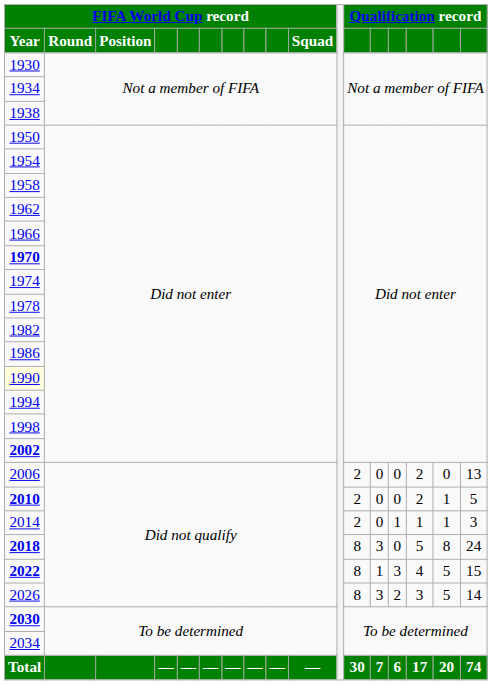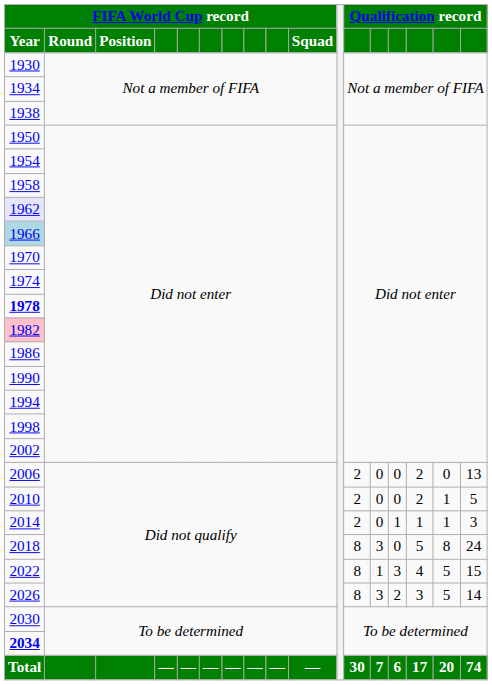 <table class="wikitable" style="text-align:center">
 <tr>
 <th colspan="10" style="background:green; color:#FFF; "><a href='#'><span>FIFA World Cup</span></a> record</th>
 <th rowspan="28"></th>
 <th colspan="6" style="background:green; color:#FFF; "><a href='#'><span>Qualification</span></a> record</th>
 </tr>
 <tr>
 <th style="background:green; color:#FFF; ">Year</th>
 <th style="background:green; color:#FFF; ">Round</th>
 <th style="background:green; color:#FFF; ">Position</th>
 <th style="background:green; color:#FFF; "></th>
 <th style="background:green; color:#FFF; "></th>
 <th style="background:green; color:#FFF; "></th>
 <th style="background:green; color:#FFF; "></th>
 <th style="background:green; color:#FFF; "></th>
 <th style="background:green; color:#FFF; "></th>
 <th style="background:green; color:#FFF; ">Squad</th>
 <th style="background:green; color:#FFF; "></th>
 <th style="background:green; color:#FFF; "></th>
 <th style="background:green; color:#FFF; "></th>
 <th style="background:green; color:#FFF; "></th>
 <th style="background:green; color:#FFF; "></th>
 <th style="background:green; color:#FFF; "></th>
 </tr>
 <tr>
 <td> <a href='#'>1930</a></td>
 <td rowspan="3" colspan="9"><em>Not a member of FIFA</em></td>
 <td rowspan="3" colspan="6"><em>Not a member of FIFA</em></td>
 </tr>
 <tr>
 <td> <a href='#'>1934</a></td>
 </tr>
 <tr>
 <td> <a href='#'>1938</a></td>
 </tr>
 <tr>
 <td> <a href='#'>1950</a></td>
 <td rowspan="14" colspan="9"><em>Did not enter</em></td>
 <td rowspan="14" colspan="6"><em>Did not enter</em></td>
 </tr>
 <tr>
 <td> <a href='#'>1954</a></td>
 </tr>
 <tr>
 <td> <a href='#'>1958</a></td>
 </tr>
 <tr>
-<td> <a href='#'>1962</a></td>
+<td style="background: lavender;"> <a href='#'>1962</a></td>
 </tr>
 <tr>
-<td> <a href='#'>1966</a></td>
+<td style="background: lightblue;"> <a href='#'>1966</a></td>
 </tr>
 <tr>
-<td><strong> <a href='#'>1970</a></strong></td>
+<td> <a href='#'>1970</a></td>
 </tr>
 <tr>
 <td> <a href='#'>1974</a></td>
 </tr>
 <tr>
-<td> <a href='#'>1978</a></td>
+<td><strong> <a href='#'>1978</a></strong></td>
 </tr>
 <tr>
-<td> <a href='#'>1982</a></td>
+<td style="background: pink;"> <a href='#'>1982</a></td>
 </tr>
 <tr>
 <td> <a href='#'>1986</a></td>
 </tr>
 <tr>
-<td style="background: lightyellow;"> <a href='#'>1990</a></td>
+<td> <a href='#'>1990</a></td>
 </tr>
 <tr>
 <td> <a href='#'>1994</a></td>
 </tr>
 <tr>
 <td> <a href='#'>1998</a></td>
 </tr>
 <tr>
-<td><strong>  <a href='#'>2002</a></strong></td>
+<td>  <a href='#'>2002</a></td>
 </tr>
 <tr>
 <td> <a href='#'>2006</a></td>
 <td rowspan="6" colspan="9"><em>Did not qualify</em></td>
 <td>2</td>
 <td>0</td>
 <td>0</td>
 <td>2</td>
 <td>0</td>
 <td>13</td>
 </tr>
 <tr>
-<td><strong> <a href='#'>2010</a></strong></td>
+<td> <a href='#'>2010</a></td>
 <td>2</td>
 <td>0</td>
 <td>0</td>
 <td>2</td>
 <td>1</td>
 <td>5</td>
 </tr>
 <tr>
 <td> <a href='#'>2014</a></td>
 <td>2</td>
 <td>0</td>
 <td>1</td>
 <td>1</td>
 <td>1</td>
 <td>3</td>
 </tr>
 <tr>
-<td><strong> <a href='#'>2018</a></strong></td>
+<td> <a href='#'>2018</a></td>
 <td>8</td>
 <td>3</td>
 <td>0</td>
 <td>5</td>
 <td>8</td>
 <td>24</td>
 </tr>
 <tr>
-<td><strong> <a href='#'>2022</a></strong></td>
+<td> <a href='#'>2022</a></td>
 <td>8</td>
 <td>1</td>
 <td>3</td>
 <td>4</td>
 <td>5</td>
 <td>15</td>
 </tr>
 <tr>
 <td>   <a href='#'>2026</a></td>
 <td>8</td>
 <td>3</td>
 <td>2</td>
 <td>3</td>
 <td>5</td>
 <td>14</td>
 </tr>
 <tr>
-<td><strong>   <a href='#'>2030</a></strong></td>
+<td>   <a href='#'>2030</a></td>
 <td rowspan="2" colspan="9"><em>To be determined</em></td>
 <td rowspan="2" colspan="6"><em>To be determined</em></td>
 </tr>
 <tr>
-<td> <a href='#'>2034</a></td>
+<td><strong> <a href='#'>2034</a></strong></td>
 </tr>
 <tr>
 <th style="background:green; color:#FFF; ">Total</th>
 <th style="background:green; color:#FFF; "></th>
 <th style="background:green; color:#FFF; "></th>
 <th style="background:green; color:#FFF; ">—</th>
 <th style="background:green; color:#FFF; ">—</th>
 <th style="background:green; color:#FFF; ">—</th>
 <th style="background:green; color:#FFF; ">—</th>
 <th style="background:green; color:#FFF; ">—</th>
 <th style="background:green; color:#FFF; ">—</th>
 <th style="background:green; color:#FFF; ">—</th>
 <th style="background:green; color:#FFF; ">30</th>
 <th style="background:green; color:#FFF; ">7</th>
 <th style="background:green; color:#FFF; ">6</th>
 <th style="background:green; color:#FFF; ">17</th>
 <th style="background:green; color:#FFF; ">20</th>
 <th style="background:green; color:#FFF; ">74</th>
 </tr>
 </table>
